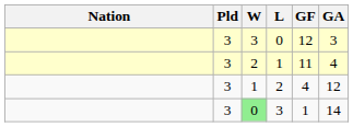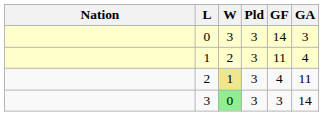 <table class=wikitable style="text-align:center">
 <tr>
 <th width=220>Nation</th>
+<th width=20>L</th>
+<th width=20>W</th>
 <th width=20>Pld</th>
-<th width=20>W</th>
-<th width=20>L</th>
 <th width=20>GF</th>
 <th width=20>GA</th>
 </tr>
 <tr bgcolor=#ffffcc>
 <td align=left></td>
+<td>0</td>
 <td>3</td>
 <td>3</td>
-<td>0</td>
-<td>12</td>
+<td>14</td>
 <td>3</td>
 </tr>
 <tr bgcolor=#ffffcc>
 <td align=left></td>
+<td>1</td>
+<td>2</td>
 <td>3</td>
-<td>2</td>
-<td>1</td>
 <td>11</td>
 <td>4</td>
 </tr>
 <tr>
 <td align=left></td>
+<td>2</td>
+<td style="background: khaki;">1</td>
 <td>3</td>
-<td>1</td>
-<td>2</td>
 <td>4</td>
-<td>12</td>
+<td>11</td>
 </tr>
 <tr>
 <td align=left></td>
 <td>3</td>
 <td style="background: lightgreen;">0</td>
 <td>3</td>
-<td>1</td>
+<td>3</td>
 <td>14</td>
 </tr>
 </table>
